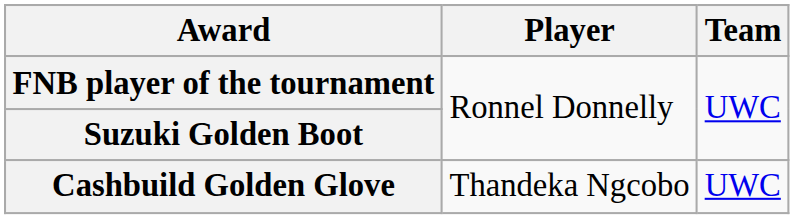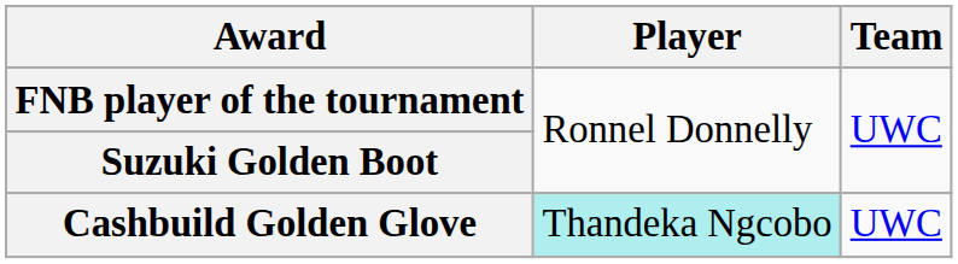 <table class="wikitable">
 <tr>
 <th>Award</th>
 <th>Player</th>
 <th>Team</th>
 </tr>
 <tr>
 <th>FNB player of the tournament</th>
 <td rowspan="2">Ronnel Donnelly</td>
 <td rowspan="2"><a href='#'>UWC</a></td>
 </tr>
 <tr>
 <th>Suzuki Golden Boot</th>
 </tr>
 <tr>
 <th rowspan="2">Cashbuild Golden Glove</th>
-<td>Thandeka Ngcobo</td>
+<td style="background: paleturquoise;">Thandeka Ngcobo</td>
 <td><a href='#'>UWC</a></td>
 </tr>
 </table>
